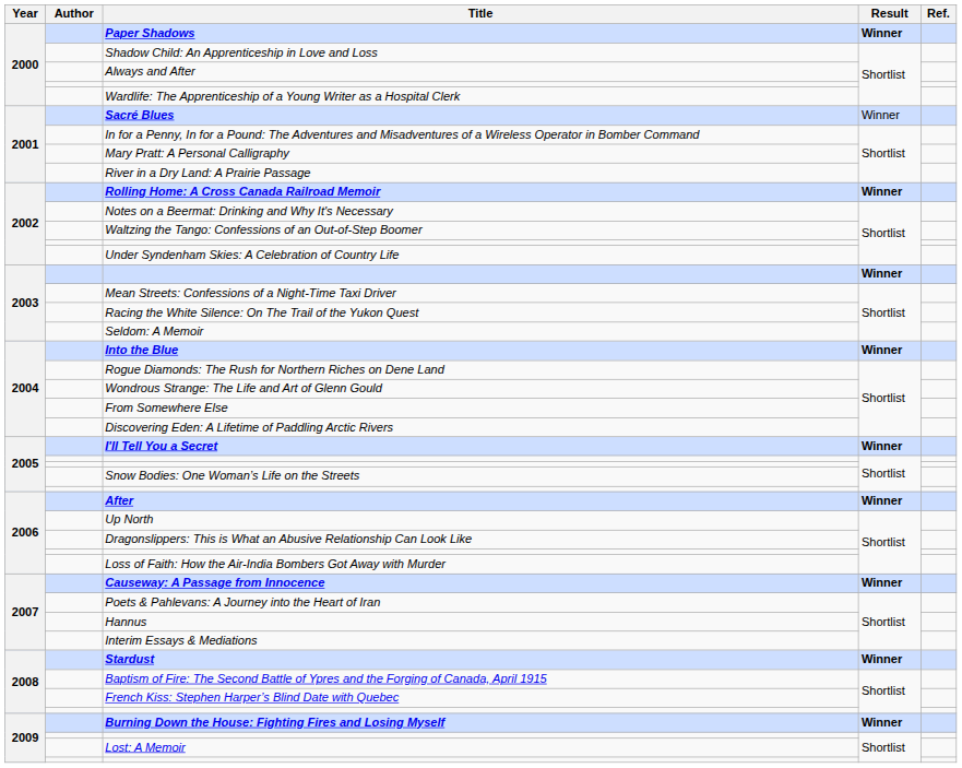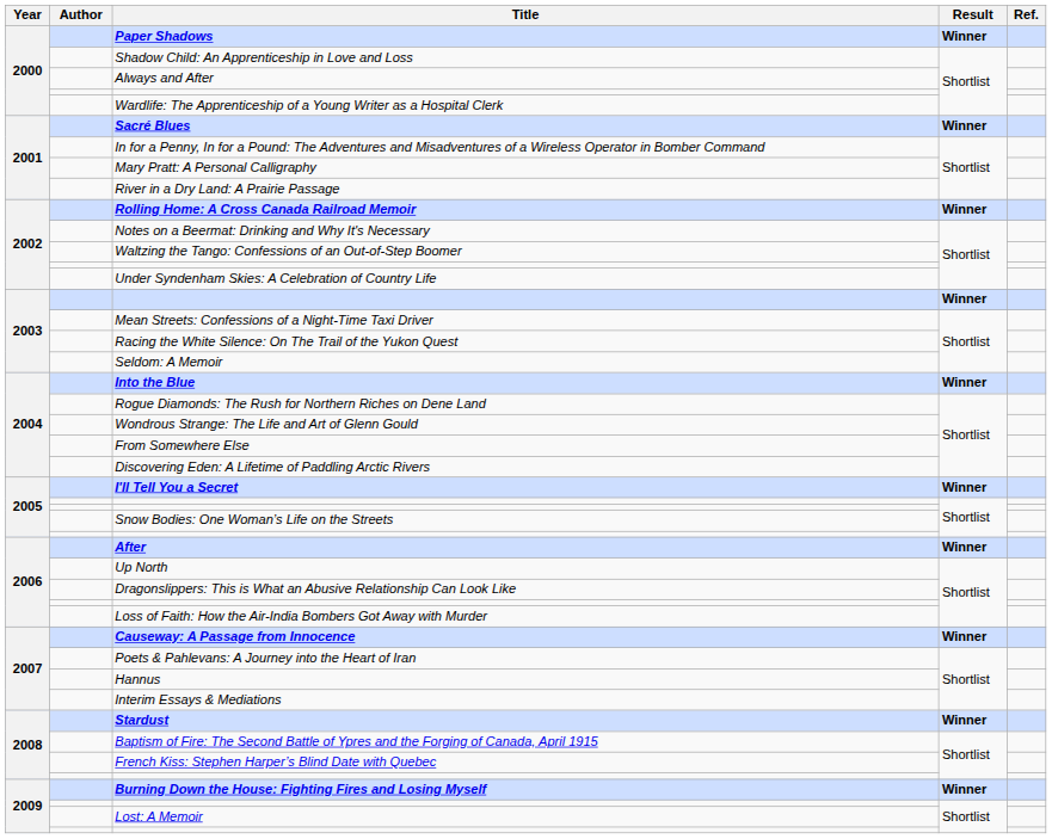 <table class="wikitable sortable mw-collapsible" width="100%">
 <tr>
 <th>Year</th>
 <th>Author</th>
 <th>Title</th>
 <th>Result</th>
 <th>Ref.</th>
 </tr>
 <tr style=background:#cddeff>
 <th rowspan="5">2000</th>
 <td><strong></strong></td>
 <td><strong><em><a href='#'>Paper Shadows</a></em></strong></td>
 <td><strong>Winner</strong></td>
 <td></td>
 </tr>
 <tr>
 <td></td>
 <td><em>Shadow Child: An Apprenticeship in Love and Loss</em></td>
 <td rowspan="4">Shortlist</td>
 <td></td>
 </tr>
 <tr>
 <td></td>
 <td><em>Always and After</em></td>
 <td></td>
 </tr>
 <tr>
 <td></td>
 <td><em></em></td>
 <td></td>
 </tr>
 <tr>
 <td></td>
 <td><em>Wardlife: The Apprenticeship of a Young Writer as a Hospital Clerk</em></td>
 <td></td>
 </tr>
 <tr style=background:#cddeff>
 <th rowspan="4">2001</th>
 <td><strong></strong></td>
 <td><strong><em><a href='#'>Sacré Blues</a></em></strong></td>
-<td>Winner</td>
+<td><strong>Winner</strong></td>
 <td></td>
 </tr>
 <tr>
 <td></td>
 <td><em>In for a Penny, In for a Pound: The Adventures and Misadventures of a Wireless Operator in Bomber Command</em></td>
 <td rowspan="3">Shortlist</td>
 <td></td>
 </tr>
 <tr>
 <td></td>
 <td><em>Mary Pratt: A Personal Calligraphy</em></td>
 <td></td>
 </tr>
 <tr>
 <td></td>
 <td><em>River in a Dry Land: A Prairie Passage</em></td>
 <td></td>
 </tr>
 <tr style=background:#cddeff>
 <th rowspan="5">2002</th>
 <td><strong></strong></td>
 <td><strong><em><a href='#'>Rolling Home: A Cross Canada Railroad Memoir</a></em></strong></td>
 <td><strong>Winner</strong></td>
 <td></td>
 </tr>
 <tr>
 <td></td>
 <td><em>Notes on a Beermat: Drinking and Why It's Necessary</em></td>
 <td rowspan="4">Shortlist</td>
 <td></td>
 </tr>
 <tr>
 <td></td>
 <td><em>Waltzing the Tango: Confessions of an Out-of-Step Boomer</em></td>
 <td></td>
 </tr>
 <tr>
 <td></td>
 <td><em></em></td>
 <td></td>
 </tr>
 <tr>
 <td></td>
 <td><em>Under Syndenham Skies: A Celebration of Country Life</em></td>
 <td></td>
 </tr>
 <tr style=background:#cddeff>
 <th rowspan="4">2003</th>
 <td><strong></strong></td>
 <td><strong><em></em></strong></td>
 <td><strong>Winner</strong></td>
 <td></td>
 </tr>
 <tr>
 <td></td>
 <td><em>Mean Streets: Confessions of a Night-Time Taxi Driver</em></td>
 <td rowspan="3">Shortlist</td>
 <td></td>
 </tr>
 <tr>
 <td></td>
 <td><em>Racing the White Silence: On The Trail of the Yukon Quest</em></td>
 <td></td>
 </tr>
 <tr>
 <td></td>
 <td><em>Seldom: A Memoir</em></td>
 <td></td>
 </tr>
 <tr style=background:#cddeff>
 <th rowspan="5">2004</th>
 <td><strong></strong></td>
 <td><strong><em><a href='#'>Into the Blue</a></em></strong></td>
 <td><strong>Winner</strong></td>
 <td></td>
 </tr>
 <tr>
 <td></td>
 <td><em>Rogue Diamonds: The Rush for Northern Riches on Dene Land</em></td>
 <td rowspan="4">Shortlist</td>
 <td></td>
 </tr>
 <tr>
 <td></td>
 <td><em>Wondrous Strange: The Life and Art of Glenn Gould</em></td>
 <td></td>
 </tr>
 <tr>
 <td></td>
 <td><em>From Somewhere Else</em></td>
 <td></td>
 </tr>
 <tr>
 <td></td>
 <td><em>Discovering Eden: A Lifetime of Paddling Arctic Rivers</em></td>
 <td></td>
 </tr>
 <tr style=background:#cddeff>
 <th rowspan="5">2005</th>
 <td><strong></strong></td>
 <td><strong><em><a href='#'>I'll Tell You a Secret</a></em></strong></td>
 <td><strong>Winner</strong></td>
 <td></td>
 </tr>
 <tr>
 <td></td>
 <td><em></em></td>
 <td rowspan="4">Shortlist</td>
 <td></td>
 </tr>
 <tr>
 <td></td>
 <td><em></em></td>
 <td></td>
 </tr>
 <tr>
 <td></td>
 <td><em>Snow Bodies: One Woman’s Life on the Streets</em></td>
 <td></td>
 </tr>
 <tr>
 <td></td>
 <td><em></em></td>
 <td></td>
 </tr>
 <tr style=background:#cddeff>
 <th rowspan="5">2006</th>
 <td><strong></strong></td>
 <td><strong><em><a href='#'>After</a></em></strong></td>
 <td><strong>Winner</strong></td>
 <td></td>
 </tr>
 <tr>
 <td></td>
 <td><em>Up North</em></td>
 <td rowspan="4">Shortlist</td>
 <td></td>
 </tr>
 <tr>
 <td></td>
 <td><em>Dragonslippers: This is What an Abusive Relationship Can Look Like</em></td>
 <td></td>
 </tr>
 <tr>
 <td></td>
 <td><em></em></td>
 <td></td>
 </tr>
 <tr>
 <td></td>
 <td><em>Loss of Faith: How the Air-India Bombers Got Away with Murder</em></td>
 <td></td>
 </tr>
 <tr style=background:#cddeff>
 <th rowspan="4">2007</th>
 <td><strong></strong></td>
 <td><strong><em><a href='#'>Causeway: A Passage from Innocence</a></em></strong></td>
 <td><strong>Winner</strong></td>
 <td></td>
 </tr>
 <tr>
 <td></td>
 <td><em>Poets & Pahlevans: A Journey into the Heart of Iran</em></td>
 <td rowspan="3">Shortlist</td>
 <td></td>
 </tr>
 <tr>
 <td></td>
 <td><em>Hannus</em></td>
 <td></td>
 </tr>
 <tr>
 <td></td>
 <td><em>Interim Essays & Mediations</em></td>
 <td></td>
 </tr>
 <tr style=background:#cddeff>
 <th rowspan="4">2008</th>
 <td><strong></strong></td>
 <td><strong><em><a href='#'>Stardust</a></em></strong></td>
 <td><strong>Winner</strong></td>
 <td></td>
 </tr>
 <tr>
 <td></td>
 <td><em><a href='#'>Baptism of Fire: The Second Battle of Ypres and the Forging of Canada, April 1915</a></em></td>
 <td rowspan="3">Shortlist</td>
 <td></td>
 </tr>
 <tr>
 <td></td>
 <td><em><a href='#'>French Kiss: Stephen Harper’s Blind Date with Quebec</a></em></td>
 <td></td>
 </tr>
 <tr>
 <td></td>
 <td><em></em></td>
 <td></td>
 </tr>
 <tr style=background:#cddeff>
 <th rowspan="4">2009</th>
 <td><strong></strong></td>
 <td><strong><em><a href='#'>Burning Down the House: Fighting Fires and Losing Myself</a></em></strong></td>
 <td><strong>Winner</strong></td>
 <td></td>
 </tr>
 <tr>
 <td></td>
 <td><em></em></td>
 <td rowspan="3">Shortlist</td>
 <td></td>
 </tr>
 <tr>
 <td></td>
 <td><em><a href='#'>Lost: A Memoir</a></em></td>
 <td></td>
 </tr>
 <tr>
 <td></td>
 <td><em></em></td>
 <td></td>
 </tr>
 </table>
